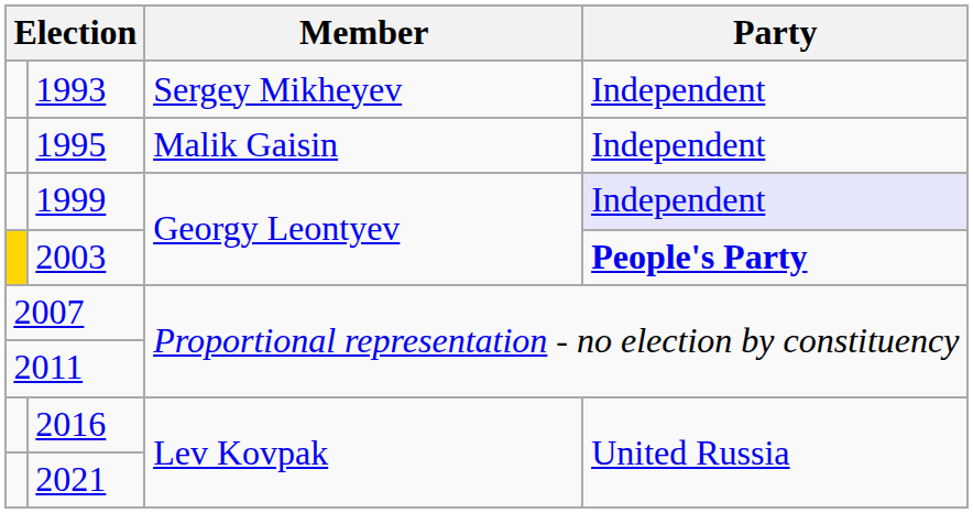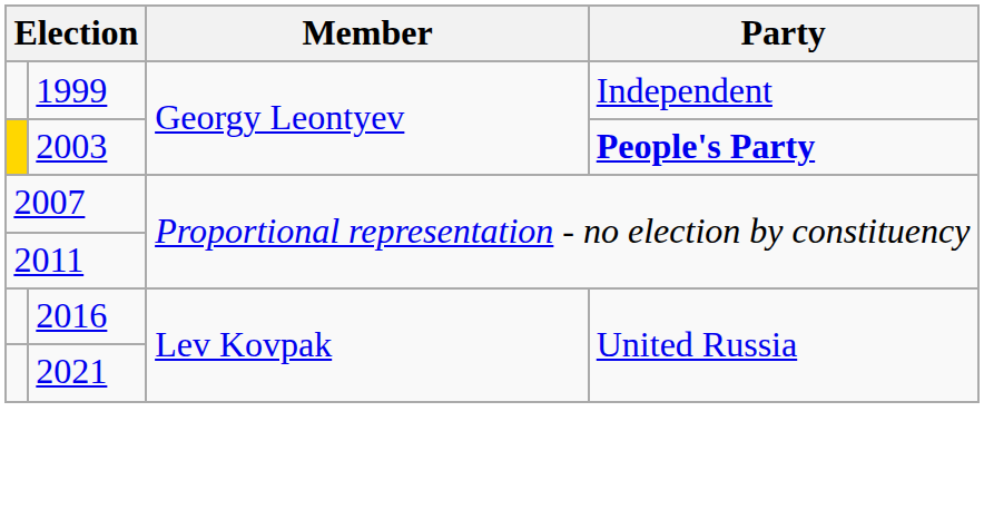 <table class="wikitable">
 <tr>
 <th colspan="2">Election</th>
 <th>Member</th>
 <th>Party</th>
 </tr>
 <tr>
 <td style="background-color:"></td>
-<td><a href='#'>1993</a></td>
-<td><a href='#'>Sergey Mikheyev</a></td>
-<td><a href='#'>Independent</a></td>
-</tr>
-<tr>
-<td style="background-color:"></td>
-<td><a href='#'>1995</a></td>
-<td><a href='#'>Malik Gaisin</a></td>
-<td><a href='#'>Independent</a></td>
-</tr>
-<tr>
-<td style="background-color:"></td>
 <td><a href='#'>1999</a></td>
 <td rowspan=2><a href='#'>Georgy Leontyev</a></td>
-<td style="background: lavender;"><a href='#'>Independent</a></td>
+<td><a href='#'>Independent</a></td>
 </tr>
 <tr>
 <td style="background-color:#FFD700"></td>
 <td><a href='#'>2003</a></td>
 <td><strong><a href='#'>People's Party</a></strong></td>
 </tr>
 <tr>
 <td colspan=2><a href='#'>2007</a></td>
 <td colspan=2 rowspan=2><em><a href='#'>Proportional representation</a> - no election by constituency</em></td>
 </tr>
 <tr>
 <td colspan=2><a href='#'>2011</a></td>
 </tr>
 <tr>
 <td style="background-color: "></td>
 <td><a href='#'>2016</a></td>
 <td rowspan=2><a href='#'>Lev Kovpak</a></td>
 <td rowspan=2><a href='#'>United Russia</a></td>
 </tr>
 <tr>
 <td style="background-color: "></td>
 <td><a href='#'>2021</a></td>
 </tr>
 </table>
